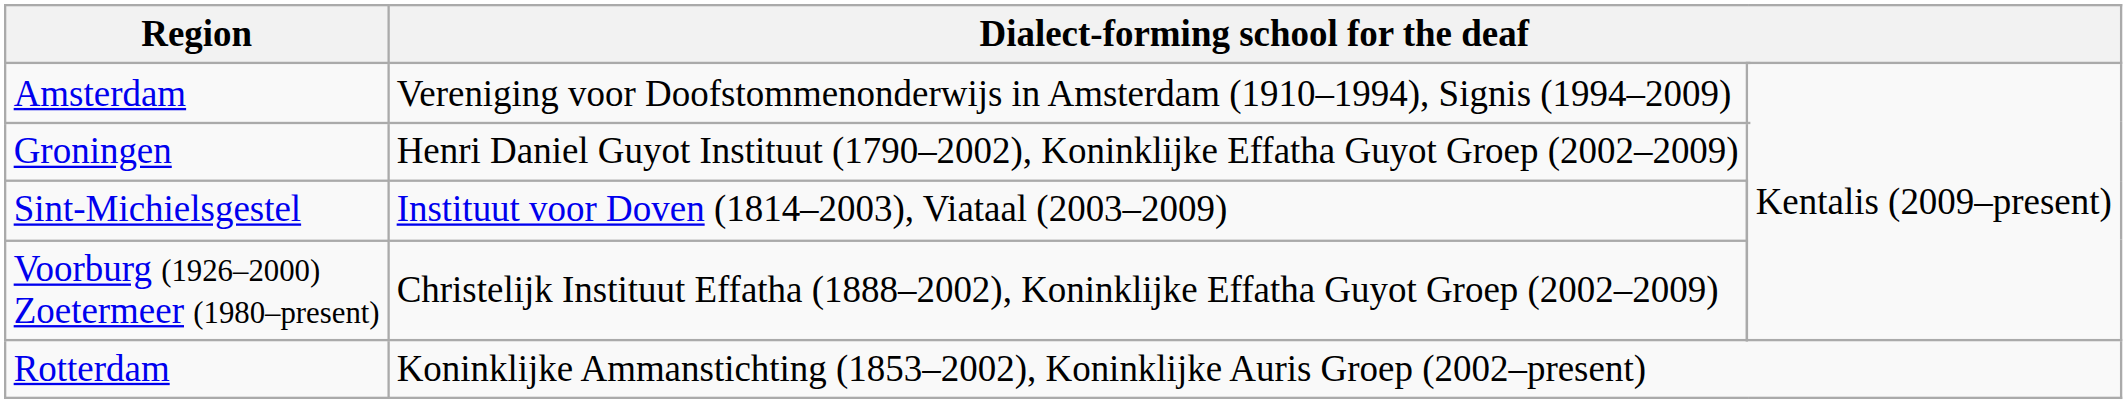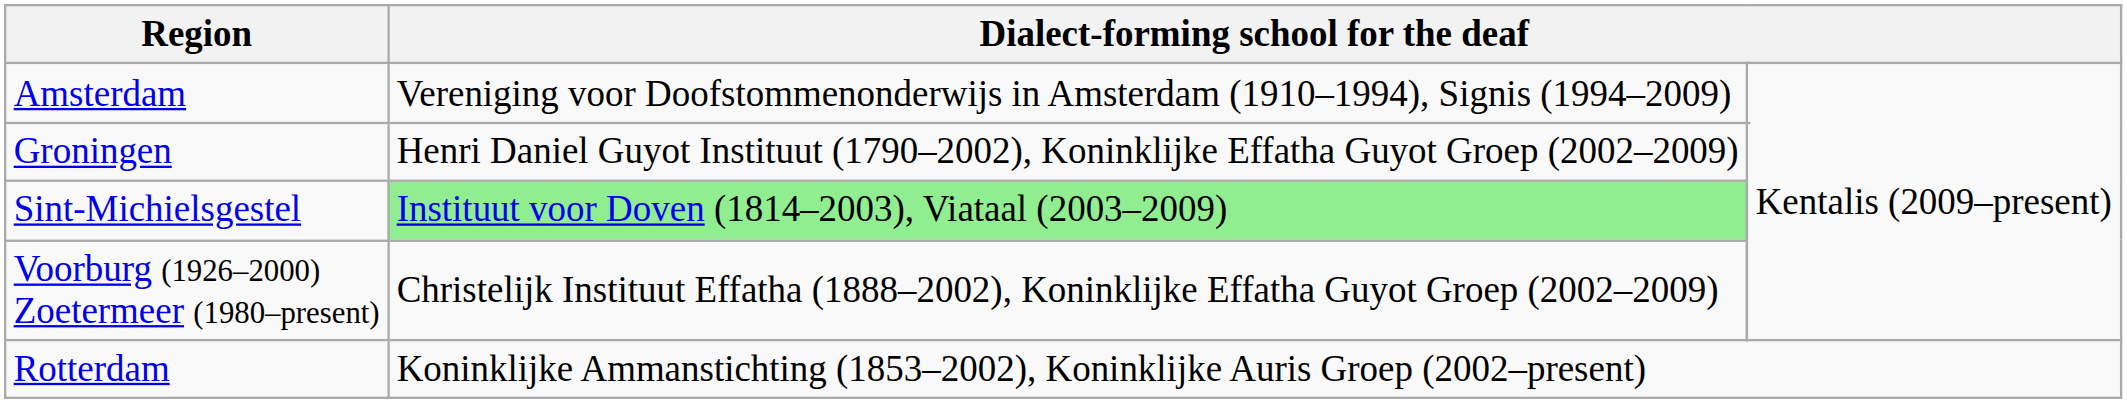 <table class="wikitable">
 <tr>
 <th>Region</th>
 <th colspan="3">Dialect-forming school for the deaf</th>
 </tr>
 <tr>
 <td><a href='#'>Amsterdam</a></td>
 <td colspan="2">Vereniging voor Doofstommenonderwijs in Amsterdam (1910–1994), Signis (1994–2009)</td>
 <td rowspan="4">Kentalis (2009–present)</td>
 </tr>
 <tr>
 <td><a href='#'>Groningen</a></td>
 <td colspan="2">Henri Daniel Guyot Instituut (1790–2002), Koninklijke Effatha Guyot Groep (2002–2009)</td>
 </tr>
 <tr>
 <td><a href='#'>Sint-Michielsgestel</a></td>
-<td><a href='#'>Instituut voor Doven</a> (1814–2003), Viataal (2003–2009)</td>
+<td style="background: lightgreen;"><a href='#'>Instituut voor Doven</a> (1814–2003), Viataal (2003–2009)</td>
 </tr>
 <tr>
 <td><a href='#'>Voorburg</a> <small>(1926–2000)</small><br><a href='#'>Zoetermeer</a> <small>(1980–present)</small></td>
 <td>Christelijk Instituut Effatha (1888–2002), Koninklijke Effatha Guyot Groep (2002–2009)</td>
 </tr>
 <tr>
 <td><a href='#'>Rotterdam</a></td>
 <td colspan="4">Koninklijke Ammanstichting (1853–2002), Koninklijke Auris Groep (2002–present)</td>
 </tr>
 </table>
